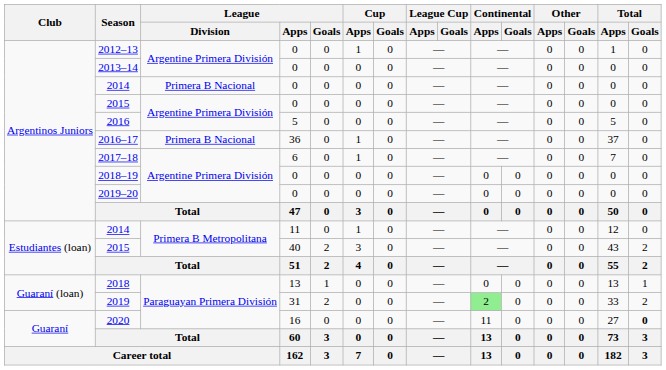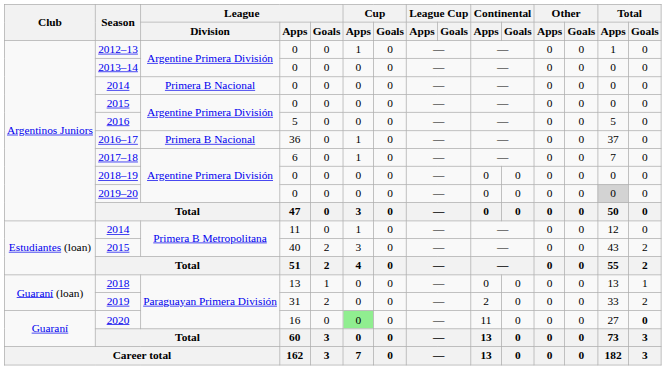 <table class="wikitable" style="text-align:center">
 <tr>
 <th rowspan="2">Club</th>
 <th rowspan="2">Season</th>
 <th colspan="3">League</th>
 <th colspan="2">Cup</th>
 <th colspan="2">League Cup</th>
 <th colspan="2">Continental</th>
 <th colspan="2">Other</th>
 <th colspan="2">Total</th>
 </tr>
 <tr>
 <th>Division</th>
 <th>Apps</th>
 <th>Goals</th>
 <th>Apps</th>
 <th>Goals</th>
 <th>Apps</th>
 <th>Goals</th>
 <th>Apps</th>
 <th>Goals</th>
 <th>Apps</th>
 <th>Goals</th>
 <th>Apps</th>
 <th>Goals</th>
 </tr>
 <tr>
 <td rowspan="10"><a href='#'>Argentinos Juniors</a></td>
 <td><a href='#'>2012–13</a></td>
 <td rowspan="2"><a href='#'>Argentine Primera División</a></td>
 <td>0</td>
 <td>0</td>
 <td>1</td>
 <td>0</td>
 <td colspan="2">—</td>
 <td colspan="2">—</td>
 <td>0</td>
 <td>0</td>
 <td>1</td>
 <td>0</td>
 </tr>
 <tr>
 <td><a href='#'>2013–14</a></td>
 <td>0</td>
 <td>0</td>
 <td>0</td>
 <td>0</td>
 <td colspan="2">—</td>
 <td colspan="2">—</td>
 <td>0</td>
 <td>0</td>
 <td>0</td>
 <td>0</td>
 </tr>
 <tr>
 <td><a href='#'>2014</a></td>
 <td rowspan="1"><a href='#'>Primera B Nacional</a></td>
 <td>0</td>
 <td>0</td>
 <td>0</td>
 <td>0</td>
 <td colspan="2">—</td>
 <td colspan="2">—</td>
 <td>0</td>
 <td>0</td>
 <td>0</td>
 <td>0</td>
 </tr>
 <tr>
 <td><a href='#'>2015</a></td>
 <td rowspan="2"><a href='#'>Argentine Primera División</a></td>
 <td>0</td>
 <td>0</td>
 <td>0</td>
 <td>0</td>
 <td colspan="2">—</td>
 <td colspan="2">—</td>
 <td>0</td>
 <td>0</td>
 <td>0</td>
 <td>0</td>
 </tr>
 <tr>
 <td><a href='#'>2016</a></td>
 <td>5</td>
 <td>0</td>
 <td>0</td>
 <td>0</td>
 <td colspan="2">—</td>
 <td colspan="2">—</td>
 <td>0</td>
 <td>0</td>
 <td>5</td>
 <td>0</td>
 </tr>
 <tr>
 <td><a href='#'>2016–17</a></td>
 <td rowspan="1"><a href='#'>Primera B Nacional</a></td>
 <td>36</td>
 <td>0</td>
 <td>1</td>
 <td>0</td>
 <td colspan="2">—</td>
 <td colspan="2">—</td>
 <td>0</td>
 <td>0</td>
 <td>37</td>
 <td>0</td>
 </tr>
 <tr>
 <td><a href='#'>2017–18</a></td>
 <td rowspan="3"><a href='#'>Argentine Primera División</a></td>
 <td>6</td>
 <td>0</td>
 <td>1</td>
 <td>0</td>
 <td colspan="2">—</td>
 <td colspan="2">—</td>
 <td>0</td>
 <td>0</td>
 <td>7</td>
 <td>0</td>
 </tr>
 <tr>
 <td><a href='#'>2018–19</a></td>
 <td>0</td>
 <td>0</td>
 <td>0</td>
 <td>0</td>
 <td colspan="2">—</td>
 <td>0</td>
 <td>0</td>
 <td>0</td>
 <td>0</td>
 <td>0</td>
 <td>0</td>
 </tr>
 <tr>
 <td><a href='#'>2019–20</a></td>
 <td>0</td>
 <td>0</td>
 <td>0</td>
 <td>0</td>
 <td colspan="2">—</td>
 <td>0</td>
 <td>0</td>
 <td>0</td>
 <td>0</td>
-<td>0</td>
+<td style="background: lightgrey;">0</td>
 <td>0</td>
 </tr>
 <tr>
 <th colspan="2">Total</th>
 <th>47</th>
 <th>0</th>
 <th>3</th>
 <th>0</th>
 <th colspan="2">—</th>
 <th>0</th>
 <th>0</th>
 <th>0</th>
 <th>0</th>
 <th>50</th>
 <th>0</th>
 </tr>
 <tr>
 <td rowspan="3"><a href='#'>Estudiantes</a> (loan)</td>
 <td><a href='#'>2014</a></td>
 <td rowspan="2"><a href='#'>Primera B Metropolitana</a></td>
 <td>11</td>
 <td>0</td>
 <td>1</td>
 <td>0</td>
 <td colspan="2">—</td>
 <td colspan="2">—</td>
 <td>0</td>
 <td>0</td>
 <td>12</td>
 <td>0</td>
 </tr>
 <tr>
 <td><a href='#'>2015</a></td>
 <td>40</td>
 <td>2</td>
 <td>3</td>
 <td>0</td>
 <td colspan="2">—</td>
 <td colspan="2">—</td>
 <td>0</td>
 <td>0</td>
 <td>43</td>
 <td>2</td>
 </tr>
 <tr>
 <th colspan="2">Total</th>
 <th>51</th>
 <th>2</th>
 <th>4</th>
 <th>0</th>
 <th colspan="2">—</th>
 <th colspan="2">—</th>
 <th>0</th>
 <th>0</th>
 <th>55</th>
 <th>2</th>
 </tr>
 <tr>
 <td rowspan="2"><a href='#'>Guaraní</a> (loan)</td>
 <td><a href='#'>2018</a></td>
 <td rowspan="3"><a href='#'>Paraguayan Primera División</a></td>
 <td>13</td>
 <td>1</td>
 <td>0</td>
 <td>0</td>
 <td colspan="2">—</td>
 <td>0</td>
 <td>0</td>
 <td>0</td>
 <td>0</td>
 <td>13</td>
 <td>1</td>
 </tr>
 <tr>
 <td><a href='#'>2019</a></td>
 <td>31</td>
 <td>2</td>
 <td>0</td>
 <td>0</td>
 <td colspan="2">—</td>
-<td style="background: lightgreen;">2</td>
+<td>2</td>
 <td>0</td>
 <td>0</td>
 <td>0</td>
 <td>33</td>
 <td>2</td>
 </tr>
 <tr>
 <td rowspan="2"><a href='#'>Guaraní</a></td>
 <td><a href='#'>2020</a></td>
 <td>16</td>
 <td>0</td>
-<td>0</td>
+<td style="background: lightgreen;">0</td>
 <td>0</td>
 <td colspan="2">—</td>
 <td>11</td>
 <td>0</td>
 <td>0</td>
 <td>0</td>
 <td>27</td>
 <td><strong>0</strong></td>
 </tr>
 <tr>
 <th colspan="2">Total</th>
 <th>60</th>
 <th>3</th>
 <th>0</th>
 <th>0</th>
 <th colspan="2">—</th>
 <th>13</th>
 <th>0</th>
 <th>0</th>
 <th>0</th>
 <th>73</th>
 <th>3</th>
 </tr>
 <tr>
 <th colspan="3">Career total</th>
 <th>162</th>
 <th>3</th>
 <th>7</th>
 <th>0</th>
 <th colspan="2">—</th>
 <th>13</th>
 <th>0</th>
 <th>0</th>
 <th>0</th>
 <th>182</th>
 <th>3</th>
 </tr>
 </table>
